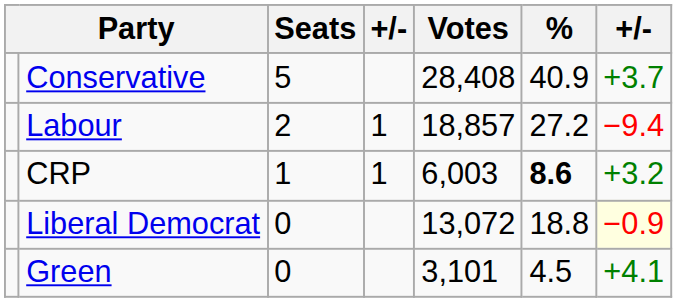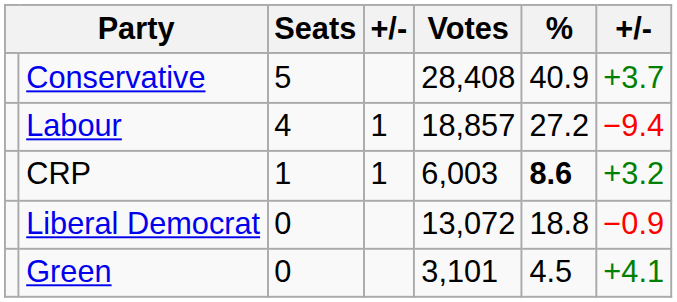 <table class="wikitable">
 <tr>
 <th colspan="2">Party</th>
 <th>Seats</th>
 <th>+/-</th>
 <th>Votes</th>
 <th>%</th>
 <th>+/-</th>
 </tr>
 <tr>
 <td style="background-color: "></td>
 <td><a href='#'>Conservative</a></td>
 <td>5</td>
 <td></td>
 <td>28,408</td>
 <td>40.9</td>
 <td style="color:green">+3.7</td>
 </tr>
 <tr>
 <td style="background-color: "></td>
 <td><a href='#'>Labour</a></td>
-<td>2</td>
+<td>4</td>
 <td> 1</td>
 <td>18,857</td>
 <td>27.2</td>
 <td style="color:red">−9.4</td>
 </tr>
 <tr>
 <td style="background-color: "></td>
 <td>CRP</td>
 <td>1</td>
 <td> 1</td>
 <td>6,003</td>
 <td><strong>8.6</strong></td>
 <td style="color:green">+3.2</td>
 </tr>
 <tr>
 <td style="background-color: "></td>
 <td><a href='#'>Liberal Democrat</a></td>
 <td>0</td>
 <td></td>
 <td>13,072</td>
 <td>18.8</td>
-<td style="background: lightyellow; color:red">−0.9</td>
+<td style="color:red">−0.9</td>
 </tr>
 <tr>
 <td style="background-color: "></td>
 <td><a href='#'>Green</a></td>
 <td>0</td>
 <td></td>
 <td>3,101</td>
 <td>4.5</td>
 <td style="color:green">+4.1</td>
 </tr>
 </table>
